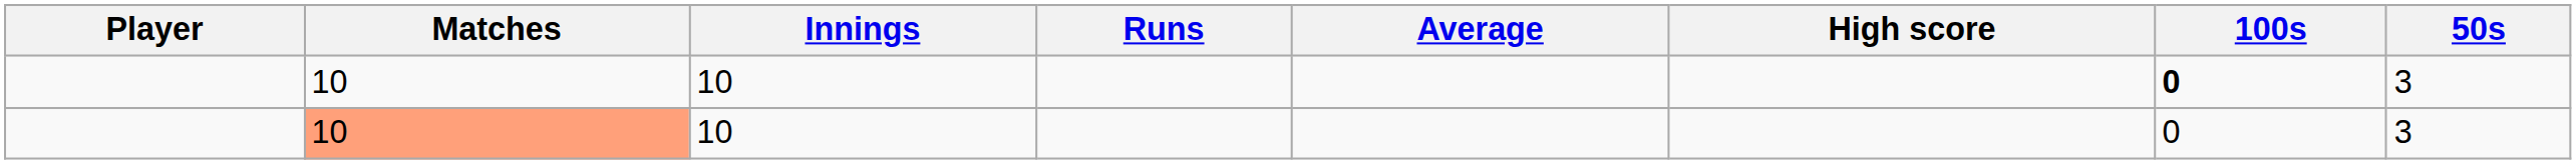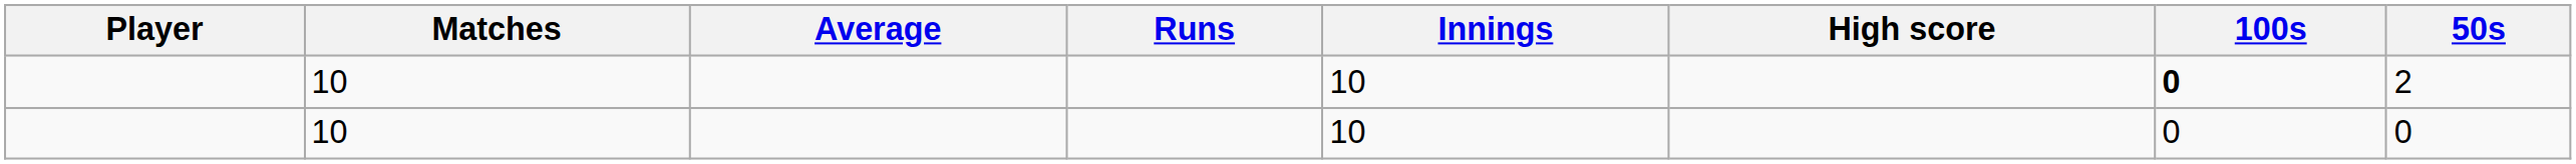 <table class="wikitable sortable" style="width:80%;">
 <tr>
 <th>Player</th>
 <th>Matches</th>
+<th><a href='#'>Average</a></th>
+<th><a href='#'>Runs</a></th>
 <th><a href='#'>Innings</a></th>
-<th><a href='#'>Runs</a></th>
-<th><a href='#'>Average</a></th>
 <th>High score</th>
 <th><a href='#'>100s</a></th>
 <th><a href='#'>50s</a></th>
 </tr>
 <tr>
 <td></td>
 <td>10</td>
+<td></td>
+<td></td>
+<td>10</td>
+<td></td>
+<td><strong>0</strong></td>
+<td>2</td>
+</tr>
+<tr>
+<td></td>
 <td>10</td>
 <td></td>
 <td></td>
-<td></td>
-<td><strong>0</strong></td>
-<td>3</td>
-</tr>
-<tr>
-<td></td>
-<td style="background: lightsalmon;">10</td>
 <td>10</td>
 <td></td>
-<td></td>
-<td></td>
 <td>0</td>
-<td>3</td>
+<td>0</td>
 </tr>
 </table>
